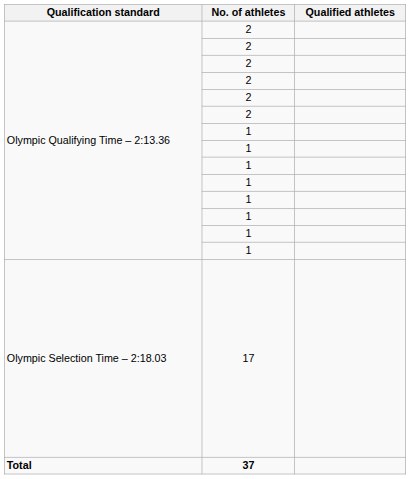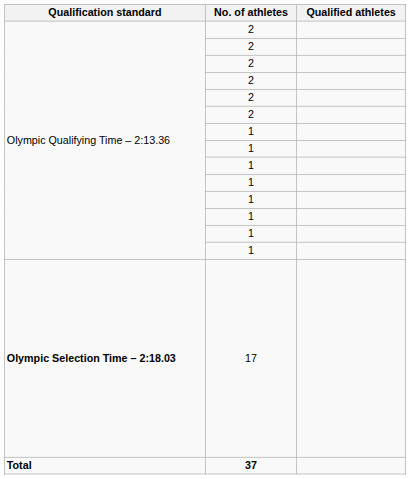 <table class=wikitable style="text-align:left" width=600>
 <tr>
 <th>Qualification standard</th>
 <th>No. of athletes</th>
 <th>Qualified athletes</th>
 </tr>
 <tr>
 <td rowspan="14">Olympic Qualifying Time – 2:13.36</td>
 <td align=center>2</td>
 <td><br></td>
 </tr>
 <tr>
 <td align=center>2</td>
 <td> <br></td>
 </tr>
 <tr>
 <td align=center>2</td>
 <td><br></td>
 </tr>
 <tr>
 <td align=center>2</td>
 <td><br></td>
 </tr>
 <tr>
 <td align=center>2</td>
 <td><br></td>
 </tr>
 <tr>
 <td align=center>2</td>
 <td><br></td>
 </tr>
 <tr>
 <td align=center>1</td>
 <td></td>
 </tr>
 <tr>
 <td align=center>1</td>
 <td></td>
 </tr>
 <tr>
 <td align=center>1</td>
 <td></td>
 </tr>
 <tr>
 <td align=center>1</td>
 <td></td>
 </tr>
 <tr>
 <td align=center>1</td>
 <td></td>
 </tr>
 <tr>
 <td align=center>1</td>
 <td></td>
 </tr>
 <tr>
 <td align=center>1</td>
 <td></td>
 </tr>
 <tr>
 <td align=center>1</td>
 <td></td>
 </tr>
 <tr>
-<td rowspan="1">Olympic Selection Time – 2:18.03</td>
+<td rowspan="1"><strong>Olympic Selection Time – 2:18.03</strong></td>
 <td align=center>17</td>
 <td><br><br><br> <br>  <br>  <br><br><br>  <br><br><br> <br> <br>  <br><br><br> </td>
 </tr>
 <tr>
 <td><strong>Total</strong></td>
 <td align=center><strong>37</strong></td>
 <td></td>
 </tr>
 </table>
